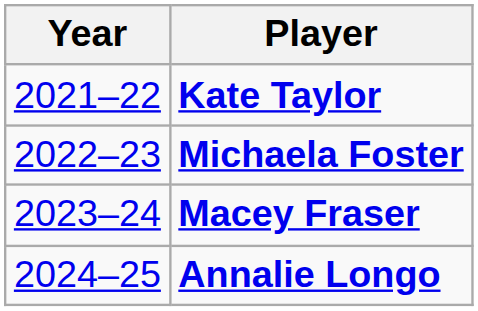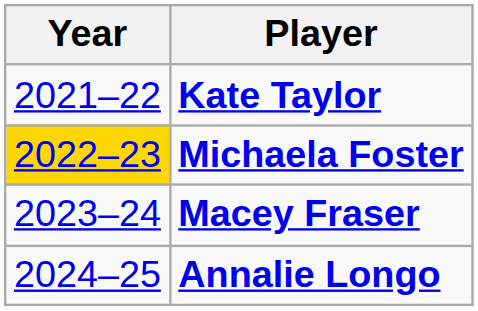 <table class="wikitable" border="1">
 <tr>
 <th>Year</th>
 <th>Player</th>
 </tr>
 <tr>
 <td><a href='#'>2021–22</a></td>
 <td style="text-align:left;"> <strong><a href='#'>Kate Taylor</a></strong></td>
 </tr>
 <tr>
-<td><a href='#'>2022–23</a></td>
+<td style="background: gold;"><a href='#'>2022–23</a></td>
 <td style="text-align:left;"> <strong><a href='#'>Michaela Foster</a></strong></td>
 </tr>
 <tr>
 <td><a href='#'>2023–24</a></td>
 <td> <strong><a href='#'>Macey Fraser</a></strong></td>
 </tr>
 <tr>
 <td><a href='#'>2024–25</a></td>
 <td> <strong><a href='#'>Annalie Longo</a></strong></td>
 </tr>
 </table>
